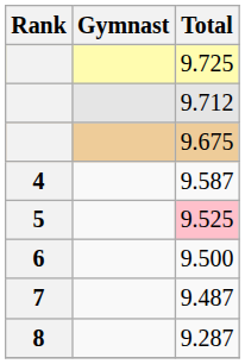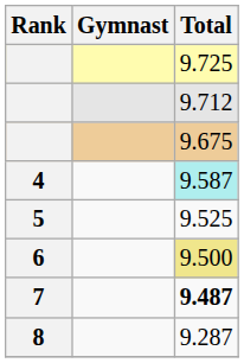 <table class="wikitable sortable" style="text-align:center; font-size:95%">
 <tr>
 <th scope=col>Rank</th>
 <th scope=col>Gymnast</th>
 <th scope=col>Total</th>
 </tr>
 <tr bgcolor=fffcaf>
 <th scope=row style="text-align:center"></th>
 <td align=left></td>
 <td>9.725</td>
 </tr>
 <tr bgcolor=e5e5e5>
 <th scope=row style="text-align:center"></th>
 <td align=left></td>
 <td>9.712</td>
 </tr>
 <tr bgcolor=eecc99>
 <th scope=row style="text-align:center"></th>
 <td align=left></td>
 <td>9.675</td>
 </tr>
 <tr>
 <th scope=row style="text-align:center">4</th>
 <td align=left></td>
-<td>9.587</td>
+<td style="background: paleturquoise;">9.587</td>
 </tr>
 <tr>
 <th scope=row style="text-align:center">5</th>
 <td align=left></td>
-<td style="background: pink;">9.525</td>
+<td>9.525</td>
 </tr>
 <tr>
 <th scope=row style="text-align:center">6</th>
 <td align=left></td>
-<td>9.500</td>
+<td style="background: khaki;">9.500</td>
 </tr>
 <tr>
 <th scope=row style="text-align:center">7</th>
 <td align=left></td>
-<td>9.487</td>
+<td><strong>9.487</strong></td>
 </tr>
 <tr>
 <th scope=row style="text-align:center">8</th>
 <td align=left></td>
 <td>9.287</td>
 </tr>
 <tr>
 </tr>
 </table>
